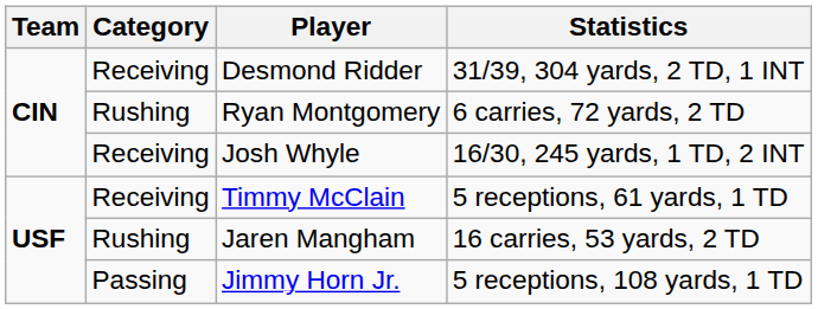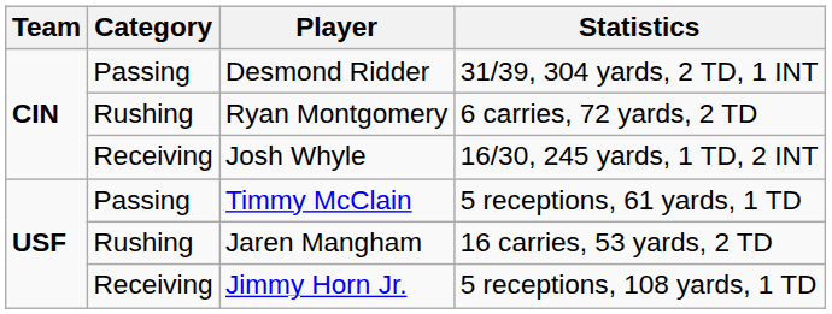 <table class="wikitable" style="float: left;">
 <tr>
 <th>Team</th>
 <th>Category</th>
 <th>Player</th>
 <th>Statistics</th>
 </tr>
 <tr>
 <td rowspan=3><strong>CIN</strong></td>
-<td>Receiving</td>
+<td>Passing</td>
 <td>Desmond Ridder</td>
 <td>31/39, 304 yards, 2 TD, 1 INT</td>
 </tr>
 <tr>
 <td>Rushing</td>
 <td>Ryan Montgomery</td>
 <td>6 carries, 72 yards, 2 TD</td>
 </tr>
 <tr>
 <td>Receiving</td>
 <td>Josh Whyle</td>
 <td>16/30, 245 yards, 1 TD, 2 INT</td>
 </tr>
 <tr>
 <td rowspan=3><strong>USF</strong></td>
-<td>Receiving</td>
+<td>Passing</td>
 <td><a href='#'>Timmy McClain</a></td>
 <td>5 receptions, 61 yards, 1 TD</td>
 </tr>
 <tr>
 <td>Rushing</td>
 <td>Jaren Mangham</td>
 <td>16 carries, 53 yards, 2 TD</td>
 </tr>
 <tr>
-<td>Passing</td>
+<td>Receiving</td>
 <td><a href='#'>Jimmy Horn Jr.</a></td>
 <td>5 receptions, 108 yards, 1 TD</td>
 </tr>
 </table>
